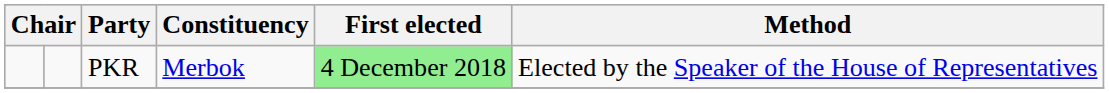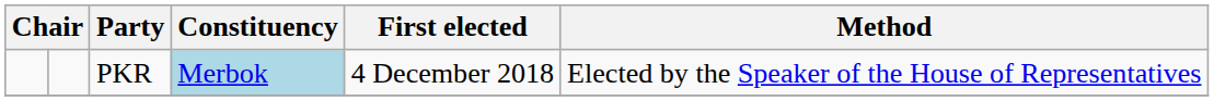 <table class="sortable wikitable">
 <tr>
 <th colspan="2">Chair</th>
 <th>Party</th>
 <th>Constituency</th>
 <th>First elected</th>
 <th>Method</th>
 </tr>
 <tr>
 <td style="background-color: "></td>
 <td></td>
 <td>PKR</td>
-<td><a href='#'>Merbok</a></td>
-<td style="background: lightgreen;">4 December 2018</td>
+<td style="background: lightblue;"><a href='#'>Merbok</a></td>
+<td>4 December 2018</td>
 <td>Elected by the <a href='#'>Speaker of the House of Representatives</a></td>
 </tr>
 <tr>
 </tr>
 </table>
